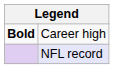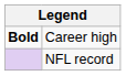 <table class="wikitable">
 <tr>
 <th colspan="2">Legend</th>
 </tr>
 <tr>
 <td><strong>Bold</strong></td>
 <td>Career high</td>
 </tr>
 <tr>
 <td style="background:#e0cef2;"></td>
-<td style="background: lavender;">NFL record</td>
+<td>NFL record</td>
 </tr>
 </table>
